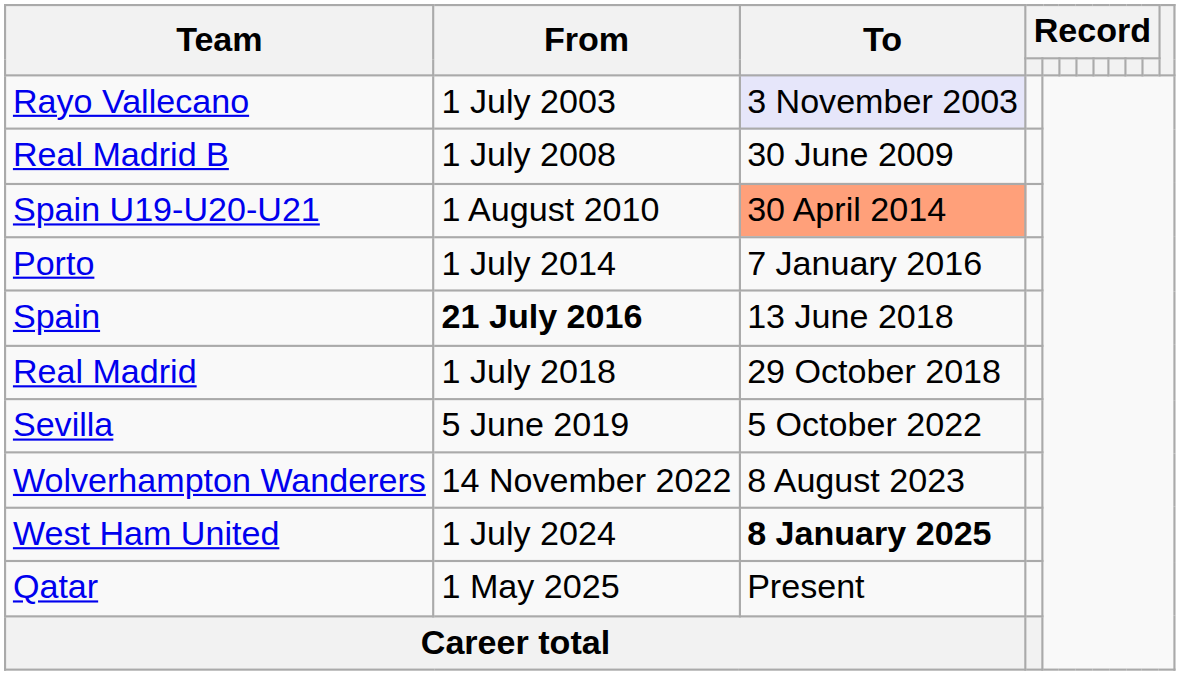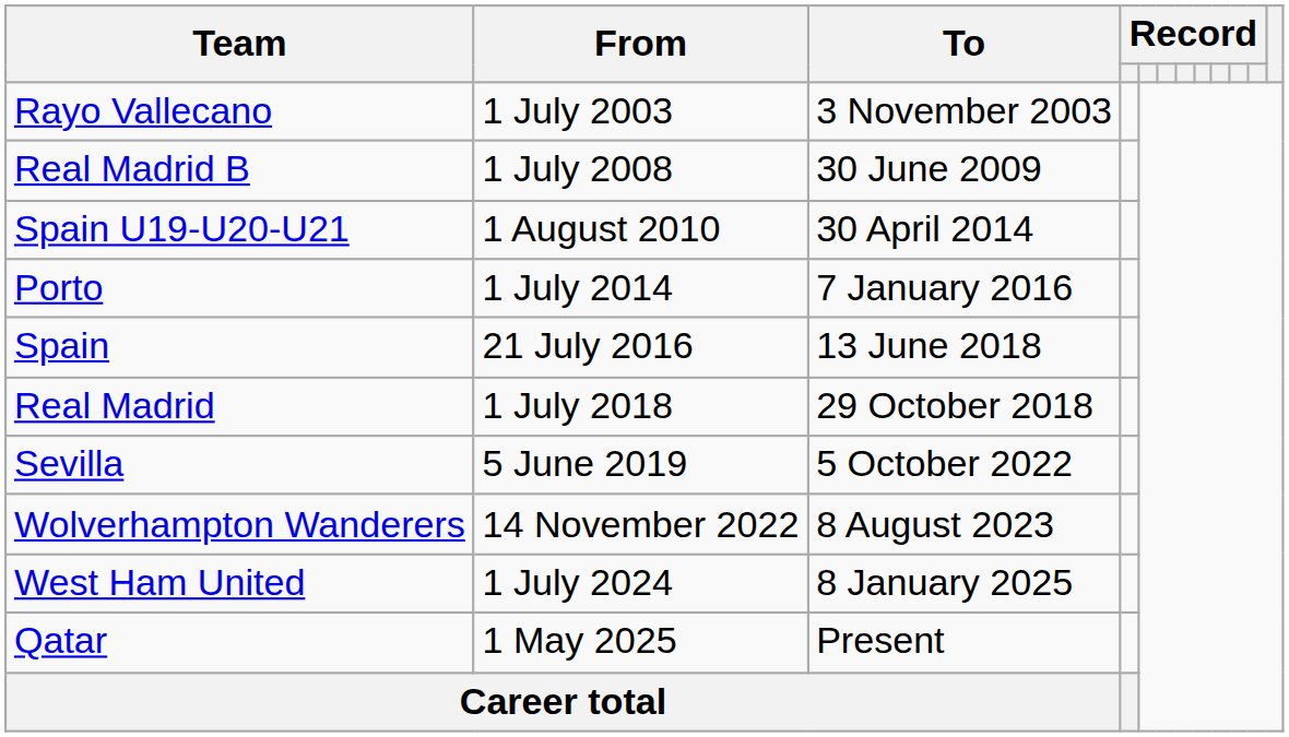 <table class=wikitable style="text-align: center;">
 <tr>
 <th rowspan=2>Team</th>
 <th rowspan=2>From</th>
 <th rowspan=2>To</th>
 <th colspan=8>Record</th>
 <th rowspan=2></th>
 </tr>
 <tr>
 <th></th>
 <th></th>
 <th></th>
 <th></th>
 <th></th>
 <th></th>
 <th></th>
 <th></th>
 </tr>
 <tr>
 <td align=left><a href='#'>Rayo Vallecano</a></td>
 <td align=left>1 July 2003</td>
-<td align=left style="background: lavender;">3 November 2003<br></td>
+<td align=left>3 November 2003<br></td>
 <td></td>
 </tr>
 <tr>
 <td align=left><a href='#'>Real Madrid B</a></td>
 <td align=left>1 July 2008</td>
 <td align=left>30 June 2009<br></td>
 <td></td>
 </tr>
 <tr>
 <td align=left><a href='#'>Spain U19-U20-U21</a></td>
 <td align=left>1 August 2010</td>
-<td align=left style="background: lightsalmon;">30 April 2014<br></td>
+<td align=left>30 April 2014<br></td>
 <td></td>
 </tr>
 <tr>
 <td align=left><a href='#'>Porto</a></td>
 <td align=left>1 July 2014</td>
 <td align=left>7 January 2016<br></td>
 <td></td>
 </tr>
 <tr>
 <td align=left><a href='#'>Spain</a></td>
-<td align=left><strong>21 July 2016</strong></td>
+<td align=left>21 July 2016</td>
 <td align=left>13 June 2018<br></td>
 <td></td>
 </tr>
 <tr>
 <td align=left><a href='#'>Real Madrid</a></td>
 <td align=left>1 July 2018</td>
 <td align=left>29 October 2018<br></td>
 <td></td>
 </tr>
 <tr>
 <td align=left><a href='#'>Sevilla</a></td>
 <td align=left>5 June 2019</td>
 <td align=left>5 October 2022<br></td>
 <td></td>
 </tr>
 <tr>
 <td align=left><a href='#'>Wolverhampton Wanderers</a></td>
 <td align=left>14 November 2022</td>
 <td align=left>8 August 2023<br></td>
 <td></td>
 </tr>
 <tr>
 <td align=left><a href='#'>West Ham United</a></td>
 <td align=left>1 July 2024</td>
-<td align=left><strong>8 January 2025<br></strong></td>
+<td align=left>8 January 2025<br></td>
 <td></td>
 </tr>
 <tr>
 <td align=left><a href='#'>Qatar</a></td>
 <td align=left>1 May 2025</td>
 <td align=left>Present<br></td>
 <td></td>
 </tr>
 <tr>
 <th colspan=3>Career total<br></th>
 <th></th>
 </tr>
 </table>
